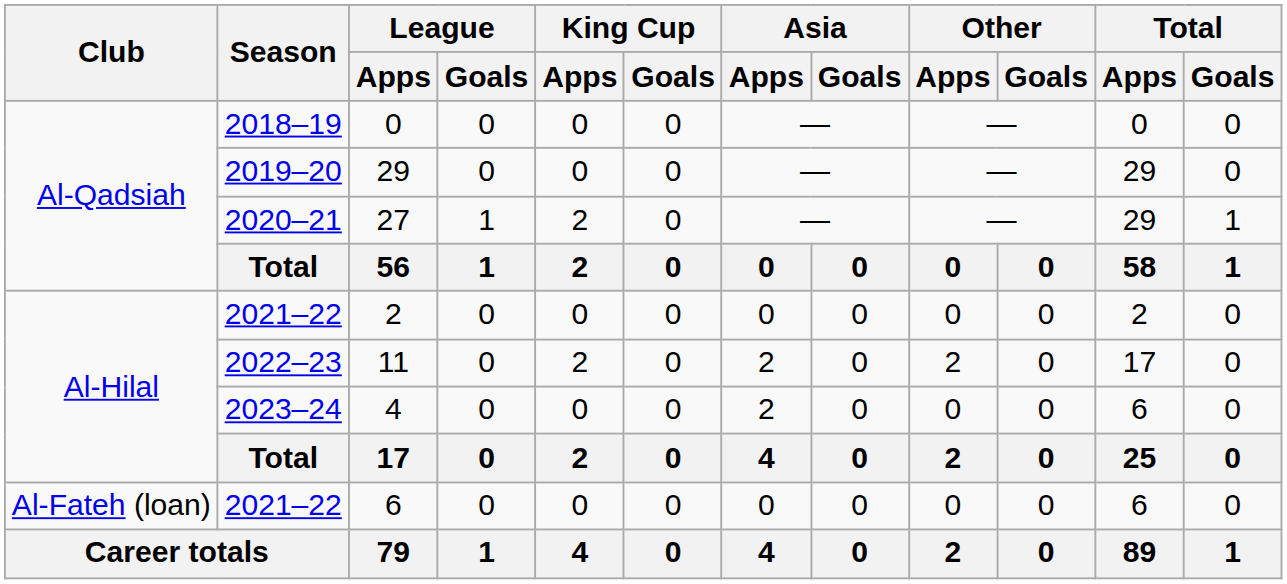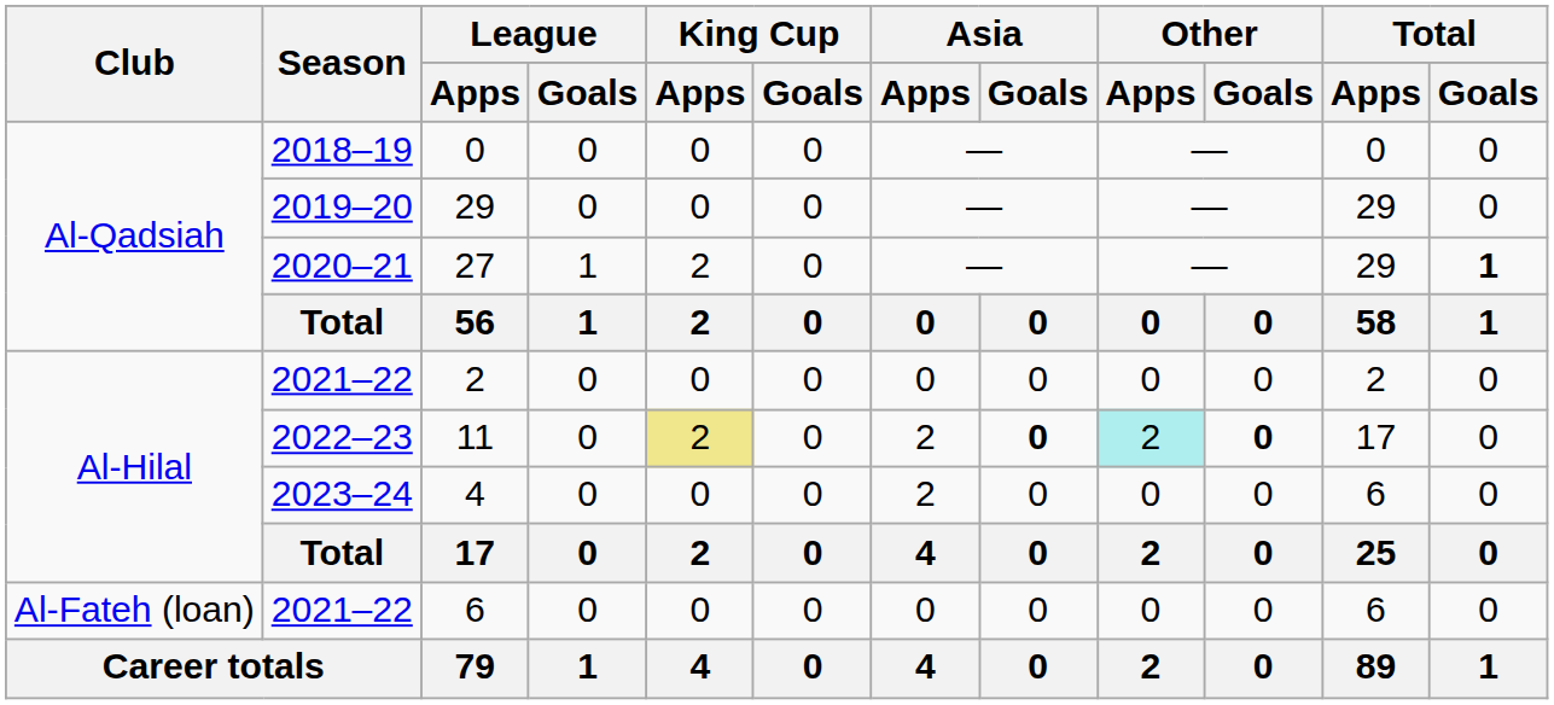 <table class="wikitable" style="text-align: center">
 <tr>
 <th rowspan=2>Club</th>
 <th rowspan=2>Season</th>
 <th colspan=2>League</th>
 <th colspan=2>King Cup</th>
 <th colspan=2>Asia</th>
 <th colspan=2>Other</th>
 <th colspan=2>Total</th>
 </tr>
 <tr>
 <th>Apps</th>
 <th>Goals</th>
 <th>Apps</th>
 <th>Goals</th>
 <th>Apps</th>
 <th>Goals</th>
 <th>Apps</th>
 <th>Goals</th>
 <th>Apps</th>
 <th>Goals</th>
 </tr>
 <tr>
 <td rowspan=4><a href='#'>Al-Qadsiah</a></td>
 <td><a href='#'>2018–19</a></td>
 <td>0</td>
 <td>0</td>
 <td>0</td>
 <td>0</td>
 <td colspan=2>—</td>
 <td colspan=2>—</td>
 <td>0</td>
 <td>0</td>
 </tr>
 <tr>
 <td><a href='#'>2019–20</a></td>
 <td>29</td>
 <td>0</td>
 <td>0</td>
 <td>0</td>
 <td colspan=2>—</td>
 <td colspan=2>—</td>
 <td>29</td>
 <td>0</td>
 </tr>
 <tr>
 <td><a href='#'>2020–21</a></td>
 <td>27</td>
 <td>1</td>
 <td>2</td>
 <td>0</td>
 <td colspan=2>—</td>
 <td colspan=2>—</td>
 <td>29</td>
-<td>1</td>
+<td><strong>1</strong></td>
 </tr>
 <tr>
 <th colspan=1>Total</th>
 <th>56</th>
 <th>1</th>
 <th>2</th>
 <th>0</th>
 <th>0</th>
 <th>0</th>
 <th>0</th>
 <th>0</th>
 <th>58</th>
 <th>1</th>
 </tr>
 <tr>
 <td rowspan=4><a href='#'>Al-Hilal</a></td>
 <td><a href='#'>2021–22</a></td>
 <td>2</td>
 <td>0</td>
 <td>0</td>
 <td>0</td>
 <td>0</td>
 <td>0</td>
 <td>0</td>
 <td>0</td>
 <td>2</td>
 <td>0</td>
 </tr>
 <tr>
 <td><a href='#'>2022–23</a></td>
 <td>11</td>
 <td>0</td>
-<td>2</td>
+<td style="background: khaki;">2</td>
 <td>0</td>
 <td>2</td>
-<td>0</td>
-<td>2</td>
-<td>0</td>
+<td><strong>0</strong></td>
+<td style="background: paleturquoise;">2</td>
+<td><strong>0</strong></td>
 <td>17</td>
 <td>0</td>
 </tr>
 <tr>
 <td><a href='#'>2023–24</a></td>
 <td>4</td>
 <td>0</td>
 <td>0</td>
 <td>0</td>
 <td>2</td>
 <td>0</td>
 <td>0</td>
 <td>0</td>
 <td>6</td>
 <td>0</td>
 </tr>
 <tr>
 <th colspan=1>Total</th>
 <th>17</th>
 <th>0</th>
 <th>2</th>
 <th>0</th>
 <th>4</th>
 <th>0</th>
 <th>2</th>
 <th>0</th>
 <th>25</th>
 <th>0</th>
 </tr>
 <tr>
 <td rowspan=1><a href='#'>Al-Fateh</a> (loan)</td>
 <td><a href='#'>2021–22</a></td>
 <td>6</td>
 <td>0</td>
 <td>0</td>
 <td>0</td>
 <td>0</td>
 <td>0</td>
 <td>0</td>
 <td>0</td>
 <td>6</td>
 <td>0</td>
 </tr>
 <tr>
 <th colspan=2>Career totals</th>
 <th>79</th>
 <th>1</th>
 <th>4</th>
 <th>0</th>
 <th>4</th>
 <th>0</th>
 <th>2</th>
 <th>0</th>
 <th>89</th>
 <th>1</th>
 </tr>
 </table>
